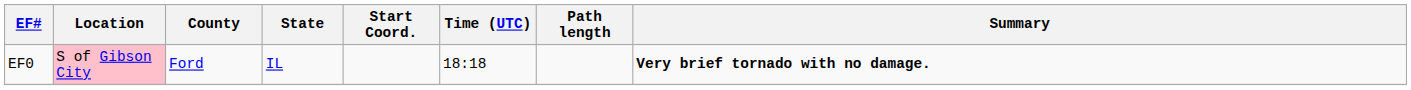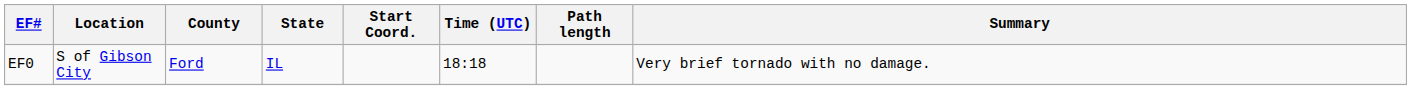 <table class="wikitable sortable" style="width:100%;">
 <tr>
 <th scope="col"  style="width:3%; text-align:center;"><a href='#'>EF#</a></th>
 <th scope="col"  style="width:7%; text-align:center;" class="unsortable">Location</th>
 <th scope="col"  style="width:6%; text-align:center;" class="unsortable">County</th>
 <th scope="col"  style="width:5%; text-align:center;">State</th>
 <th scope="col"  style="width:6%; text-align:center;">Start Coord.</th>
 <th scope="col"  style="width:6%; text-align:center;">Time (<a href='#'>UTC</a>)</th>
 <th scope="col"  style="width:6%; text-align:center;">Path length</th>
 <th scope="col" class="unsortable" style="width:48%; text-align:center;">Summary</th>
 </tr>
 <tr>
 <td>EF0</td>
-<td style="background: pink;">S of <a href='#'>Gibson City</a></td>
+<td>S of <a href='#'>Gibson City</a></td>
 <td><a href='#'>Ford</a></td>
 <td><a href='#'>IL</a></td>
 <td></td>
 <td>18:18</td>
 <td></td>
-<td><strong>Very brief tornado with no damage.</strong></td>
+<td>Very brief tornado with no damage.</td>
 </tr>
 <tr>
 </tr>
 </table>
